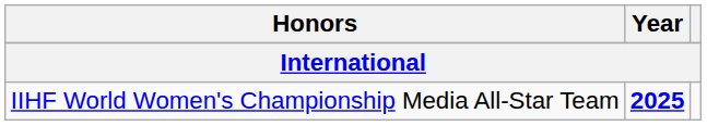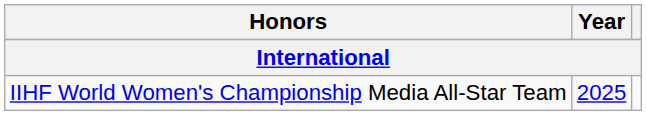 <table class="wikitable">
 <tr>
 <th>Honors</th>
 <th>Year</th>
 <th></th>
 </tr>
 <tr>
 </tr>
 <tr>
 <th colspan="3"><a href='#'>International</a></th>
 </tr>
 <tr>
 <td><a href='#'>IIHF World Women's Championship</a> Media All-Star Team</td>
-<td><strong><a href='#'>2025</a></strong></td>
+<td><a href='#'>2025</a></td>
 <td></td>
 </tr>
 </table>
